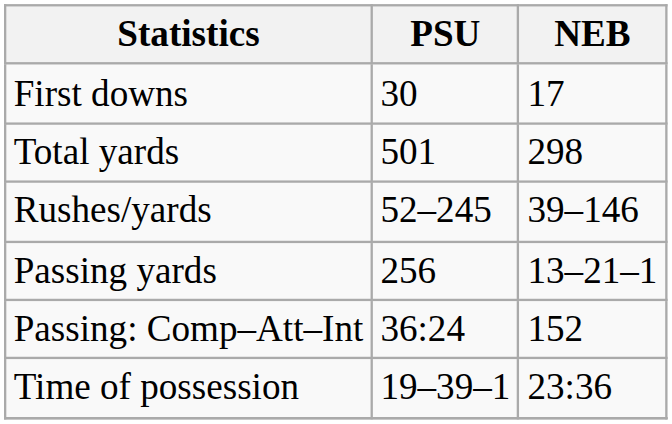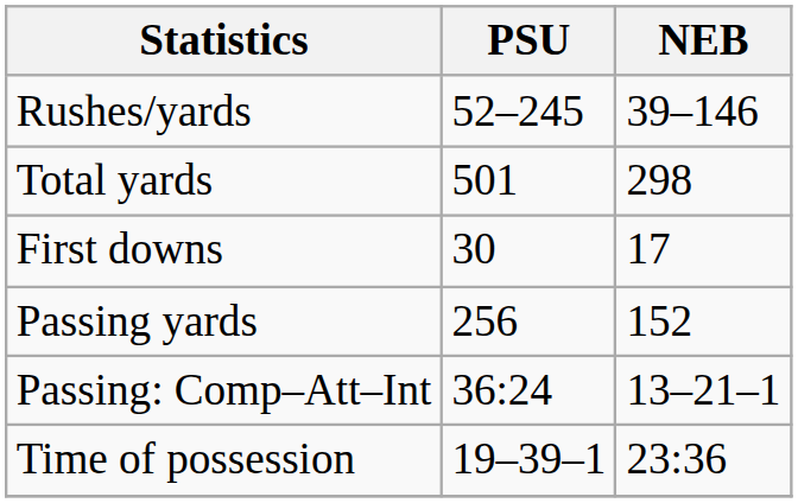 <table class="wikitable" style="float: left;">
 <tr>
 <th>Statistics</th>
 <th>PSU</th>
 <th>NEB</th>
 </tr>
 <tr>
-<td>First downs</td>
-<td>30</td>
-<td>17</td>
+<td>Rushes/yards</td>
+<td>52–245</td>
+<td>39–146</td>
 </tr>
 <tr>
 <td>Total yards</td>
 <td>501</td>
 <td>298</td>
 </tr>
 <tr>
-<td>Rushes/yards</td>
-<td>52–245</td>
-<td>39–146</td>
+<td>First downs</td>
+<td>30</td>
+<td>17</td>
 </tr>
 <tr>
 <td>Passing yards</td>
 <td>256</td>
-<td>13–21–1</td>
+<td>152</td>
 </tr>
 <tr>
 <td>Passing: Comp–Att–Int</td>
 <td>36:24</td>
-<td>152</td>
+<td>13–21–1</td>
 </tr>
 <tr>
 <td>Time of possession</td>
 <td>19–39–1</td>
 <td>23:36</td>
 </tr>
 <tr>
 </tr>
 </table>
